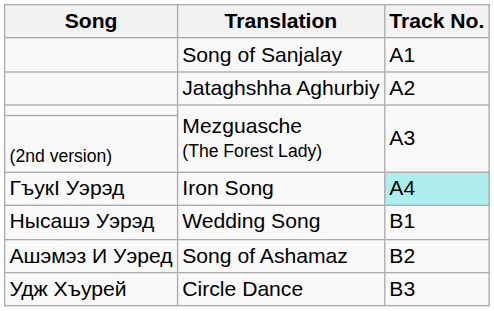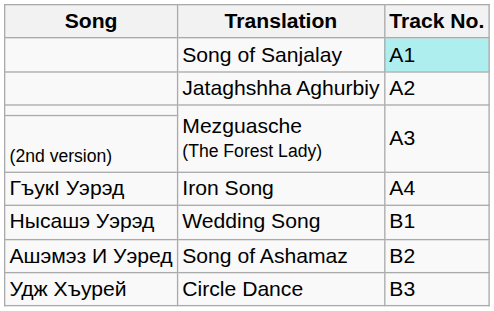 <table class="wikitable">
 <tr>
 <th>Song</th>
 <th>Translation</th>
 <th>Track No.</th>
 </tr>
 <tr>
 <td></td>
 <td>Song of Sanjalay</td>
-<td>A1</td>
+<td style="background: paleturquoise;">A1</td>
 </tr>
 <tr>
 <td></td>
 <td>Jataghshha Aghurbiy</td>
 <td>A2</td>
 </tr>
 <tr>
 <td></td>
 <td rowspan="2">Mezguasche<br><small>(The Forest Lady)</small></td>
 <td rowspan="2">A3</td>
 </tr>
 <tr>
 <td><br><small>(2nd version)</small></td>
 </tr>
 <tr>
 <td>ГъукI Уэрэд</td>
 <td>Iron Song</td>
-<td style="background: paleturquoise;">A4</td>
+<td>A4</td>
 </tr>
 <tr>
 <td>Нысашэ Уэрэд</td>
 <td>Wedding Song</td>
 <td>B1</td>
 </tr>
 <tr>
 <td>Ашэмэз И Уэред</td>
 <td>Song of Ashamaz</td>
 <td>B2</td>
 </tr>
 <tr>
 <td>Удж Хъурей</td>
 <td>Circle Dance</td>
 <td>B3</td>
 </tr>
 </table>
